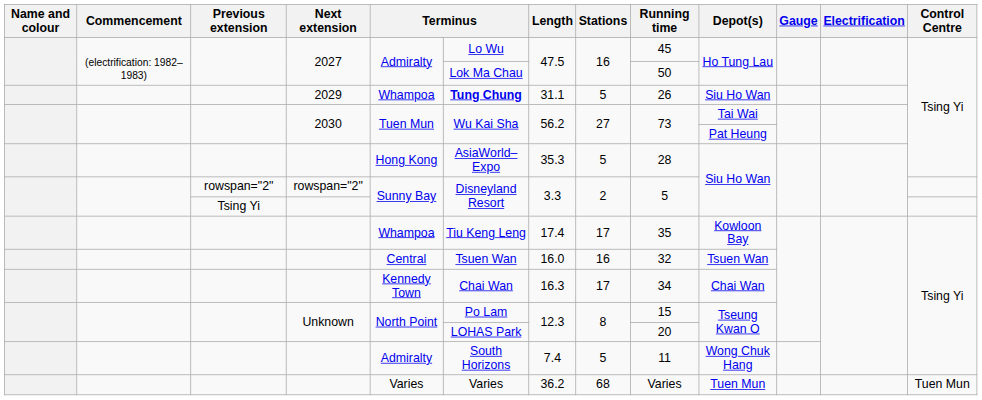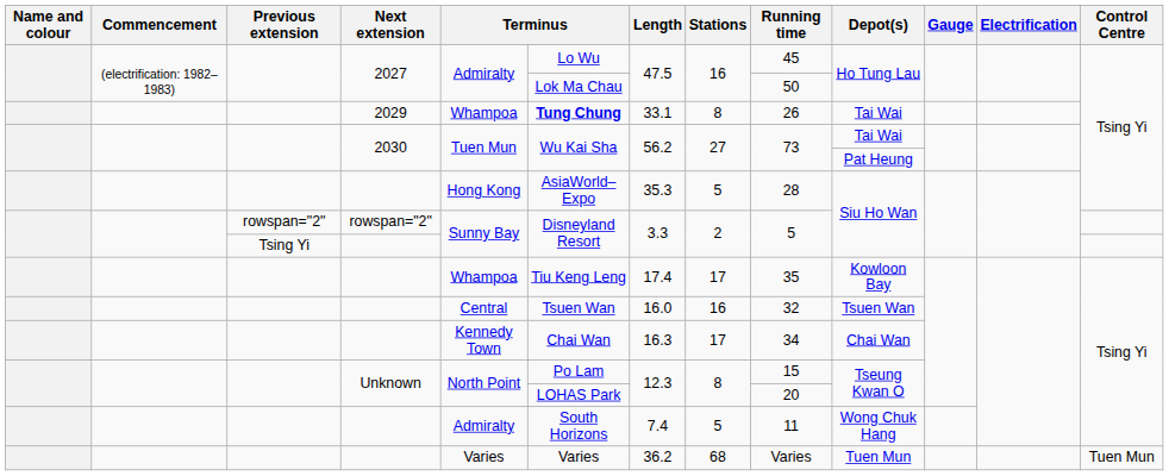 <table class="wikitable sortable" style=margin:auto;font-align:center;text-align:center>
 <tr>
 <th>Name and colour</th>
 <th>Commencement</th>
 <th>Previous extension</th>
 <th>Next extension</th>
 <th colspan="2">Terminus</th>
 <th style="width:30px">Length</th>
 <th style="width:30px">Stations</th>
 <th>Running time</th>
 <th>Depot(s)</th>
 <th><a href='#'>Gauge</a></th>
 <th><a href='#'>Electrification</a></th>
 <th>Control Centre</th>
 </tr>
 <tr>
 <th rowspan="2" style=background-color:#><a href='#'></a></th>
 <td rowspan="2"><br><small>(electrification: 1982–1983)</small></td>
 <td rowspan="2"></td>
 <td rowspan="2">2027</td>
 <td rowspan="2"><a href='#'>Admiralty</a></td>
 <td><a href='#'>Lo Wu</a></td>
 <td rowspan="2">47.5</td>
 <td rowspan="2">16</td>
 <td>45</td>
 <td rowspan="2"><a href='#'>Ho Tung Lau</a></td>
 <td rowspan="2"></td>
 <td rowspan="2"></td>
 <td rowspan="6">Tsing Yi</td>
 </tr>
 <tr>
 <td><a href='#'>Lok Ma Chau</a></td>
 <td>50</td>
 </tr>
 <tr>
 <th style=background-color:#><a href='#'></a></th>
 <td></td>
 <td></td>
 <td>2029</td>
 <td><a href='#'>Whampoa</a></td>
 <td><strong><a href='#'>Tung Chung</a></strong></td>
-<td>31.1</td>
-<td>5</td>
+<td>33.1</td>
+<td>8</td>
 <td>26</td>
-<td><a href='#'>Siu Ho Wan</a></td>
+<td><a href='#'>Tai Wai</a></td>
 <td></td>
 <td></td>
 </tr>
 <tr>
 <th rowspan="2" style=background-color:#><a href='#'></a></th>
 <td rowspan="2"></td>
 <td rowspan="2"></td>
 <td rowspan="2">2030</td>
 <td rowspan="2"><a href='#'>Tuen Mun</a></td>
 <td rowspan="2"><a href='#'>Wu Kai Sha</a></td>
 <td rowspan="2">56.2</td>
 <td rowspan="2">27</td>
 <td rowspan="2">73</td>
 <td><a href='#'>Tai Wai</a></td>
 <td rowspan="2"></td>
 <td rowspan="2"></td>
 </tr>
 <tr>
 <td><a href='#'>Pat Heung</a></td>
 </tr>
 <tr>
 <th style=background-color:#><a href='#'></a></th>
 <td></td>
 <td></td>
 <td></td>
 <td><a href='#'>Hong Kong</a></td>
 <td><a href='#'>AsiaWorld–Expo</a></td>
 <td>35.3</td>
 <td>5</td>
 <td>28</td>
 <td rowspan="3"><a href='#'>Siu Ho Wan</a></td>
 <td rowspan="3"></td>
 <td rowspan="3"></td>
 </tr>
 <tr>
 <th rowspan="2" style=background-color:#><a href='#'></a></th>
 <td rowspan="2"></td>
 <td>rowspan="2" </td>
 <td>rowspan="2" </td>
 <td rowspan="2"><a href='#'>Sunny Bay</a></td>
 <td rowspan="2"><a href='#'>Disneyland Resort</a></td>
 <td rowspan="2">3.3</td>
 <td rowspan="2">2</td>
 <td rowspan="2">5</td>
 <td></td>
 </tr>
 <tr>
 <td>Tsing Yi</td>
 </tr>
 <tr>
 <th style=background-color:#><a href='#'></a></th>
 <td></td>
 <td></td>
 <td></td>
 <td><a href='#'>Whampoa</a></td>
 <td><a href='#'>Tiu Keng Leng</a></td>
 <td>17.4</td>
 <td>17</td>
 <td>35</td>
 <td><a href='#'>Kowloon Bay</a></td>
 <td rowspan="5"></td>
 <td rowspan="6"></td>
 <td rowspan="6">Tsing Yi</td>
 </tr>
 <tr>
 <th style=background-color:#><a href='#'></a></th>
 <td></td>
 <td></td>
 <td></td>
 <td><a href='#'>Central</a></td>
 <td><a href='#'>Tsuen Wan</a></td>
 <td>16.0</td>
 <td>16</td>
 <td>32</td>
 <td><a href='#'>Tsuen Wan</a></td>
 </tr>
 <tr>
 <th style=background-color:#><a href='#'></a></th>
 <td></td>
 <td></td>
 <td></td>
 <td><a href='#'>Kennedy Town</a></td>
 <td><a href='#'>Chai Wan</a></td>
 <td>16.3</td>
 <td>17</td>
 <td>34</td>
 <td><a href='#'>Chai Wan</a></td>
 </tr>
 <tr>
 <th rowspan="2" style=background-color:#><a href='#'></a></th>
 <td rowspan="2"></td>
 <td rowspan="2"></td>
 <td rowspan="2">Unknown</td>
 <td rowspan="2"><a href='#'>North Point</a></td>
 <td><a href='#'>Po Lam</a></td>
 <td rowspan="2">12.3</td>
 <td rowspan="2">8</td>
 <td>15</td>
 <td rowspan="2"><a href='#'>Tseung Kwan O</a></td>
 </tr>
 <tr>
 <td><a href='#'>LOHAS Park</a></td>
 <td>20</td>
 </tr>
 <tr>
 <th style=background-color:#><a href='#'></a></th>
 <td></td>
 <td></td>
 <td></td>
 <td><a href='#'>Admiralty</a></td>
 <td><a href='#'>South Horizons</a></td>
 <td>7.4</td>
 <td>5</td>
 <td>11</td>
 <td><a href='#'>Wong Chuk Hang</a></td>
 <td></td>
 </tr>
 <tr>
 <th style=background-color:#><a href='#'></a></th>
 <td></td>
 <td></td>
 <td></td>
 <td>Varies</td>
 <td>Varies</td>
 <td>36.2</td>
 <td>68</td>
 <td>Varies</td>
 <td><a href='#'>Tuen Mun</a></td>
 <td></td>
 <td></td>
 <td>Tuen Mun</td>
 </tr>
 </table>
